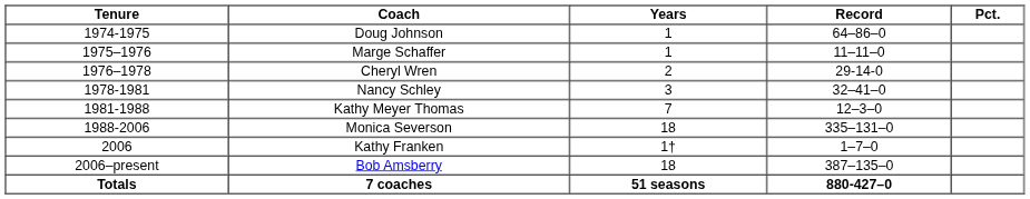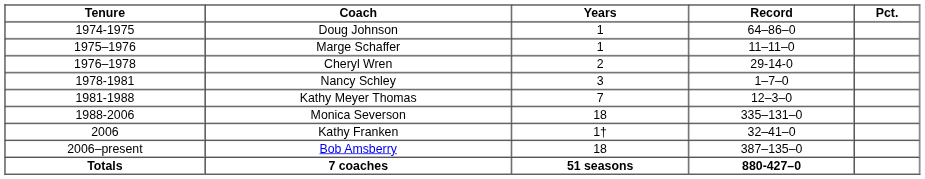 <table cellpadding="1" border="1" cellspacing="0" width="60%">
 <tr>
 <th>Tenure</th>
 <th>Coach</th>
 <th>Years</th>
 <th>Record</th>
 <th>Pct.</th>
 </tr>
 <tr align="center">
 <td>1974-1975</td>
 <td>Doug Johnson</td>
 <td>1</td>
 <td>64–86–0</td>
 <td></td>
 </tr>
 <tr align="center">
 <td>1975–1976</td>
 <td>Marge Schaffer</td>
 <td>1</td>
 <td>11–11–0</td>
 <td></td>
 </tr>
 <tr align="center">
 <td>1976–1978</td>
 <td>Cheryl Wren</td>
 <td>2</td>
 <td>29-14-0</td>
 <td></td>
 </tr>
 <tr align="center">
 <td>1978-1981</td>
 <td>Nancy Schley</td>
 <td>3</td>
-<td>32–41–0</td>
+<td>1–7–0</td>
 <td></td>
 </tr>
 <tr align="center">
 <td>1981-1988</td>
 <td>Kathy Meyer Thomas</td>
 <td>7</td>
 <td>12–3–0</td>
 <td></td>
 </tr>
 <tr align="center">
 <td>1988-2006</td>
 <td>Monica Severson</td>
 <td>18</td>
 <td>335–131–0</td>
 <td></td>
 </tr>
 <tr align="center">
 <td>2006</td>
 <td>Kathy Franken</td>
 <td>1†</td>
-<td>1–7–0</td>
+<td>32–41–0</td>
 <td></td>
 </tr>
 <tr align="center">
 <td>2006–present</td>
 <td><a href='#'>Bob Amsberry</a></td>
 <td>18</td>
 <td>387–135–0</td>
 <td></td>
 </tr>
 <tr align=center>
 <th>Totals</th>
 <th>7 coaches</th>
 <th>51 seasons</th>
 <th>880-427–0</th>
 <th></th>
 </tr>
 </table>
